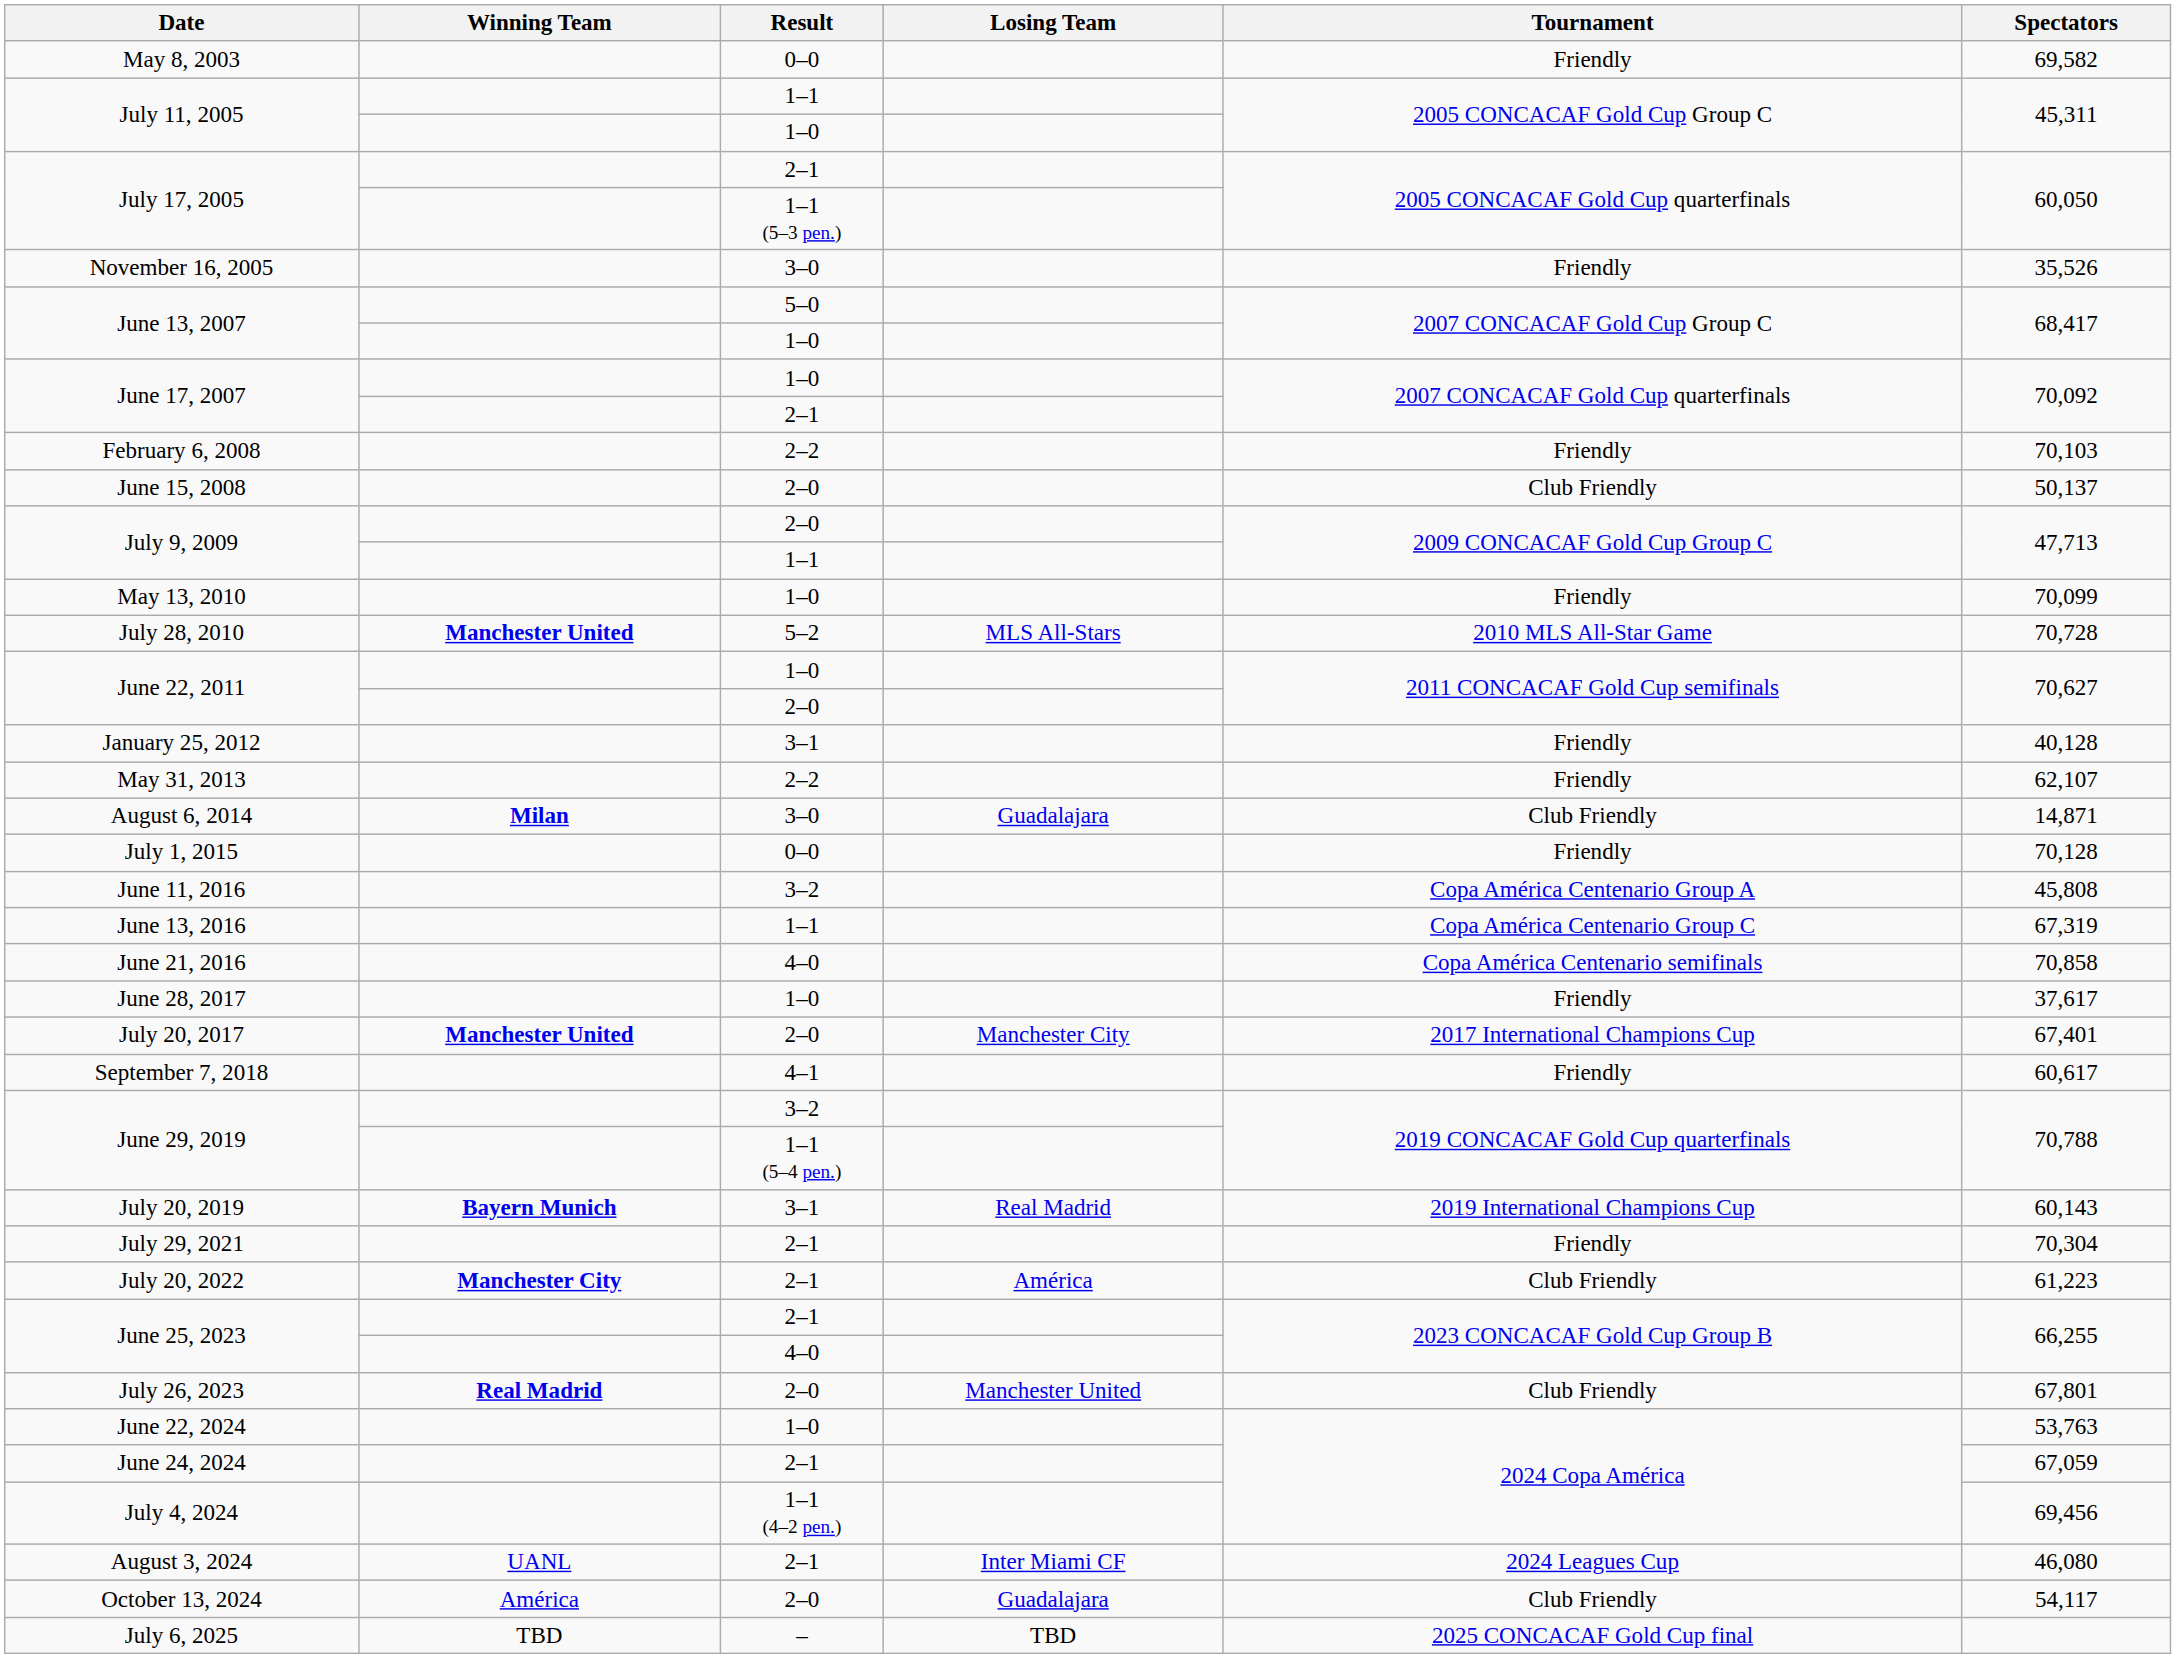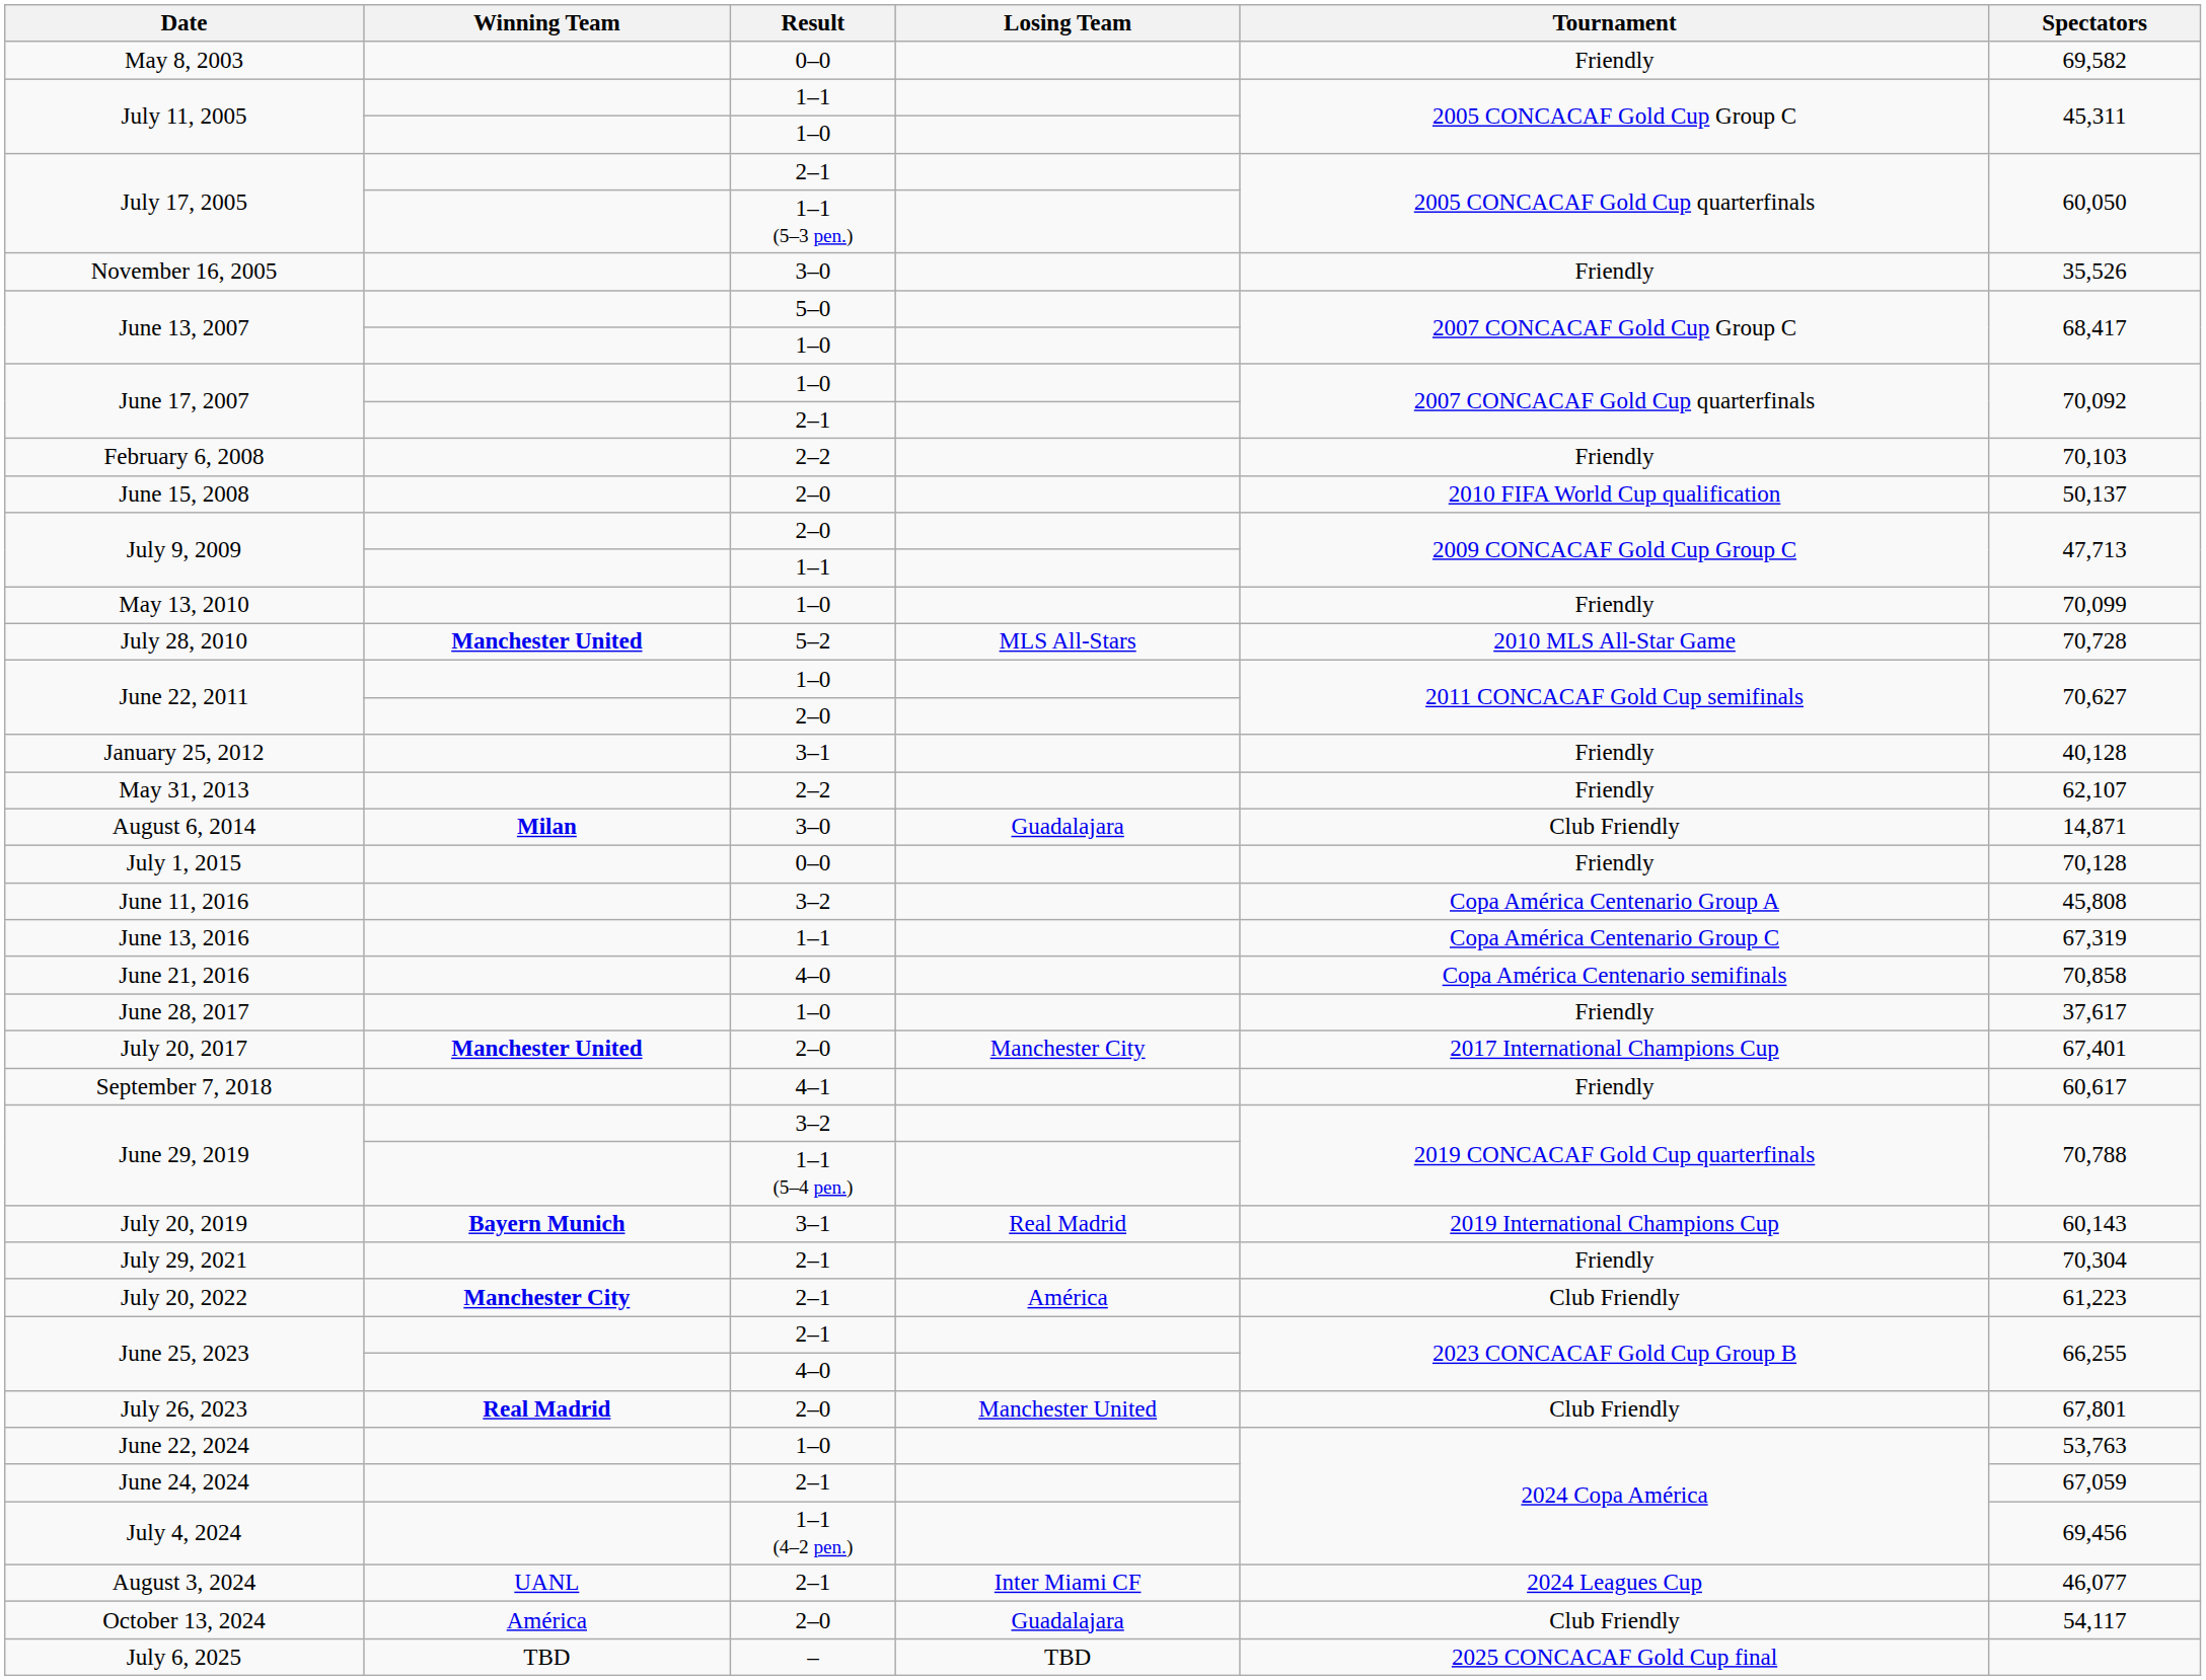 <table class="wikitable sortable"  style="text-align:left; width:95%; text-align:center;">
 <tr>
 <th style="text-align:center; ">Date</th>
 <th style="text-align:center; ">Winning Team</th>
 <th style="text-align:center; ">Result</th>
 <th style="text-align:center; ">Losing Team</th>
 <th style="text-align:center; ">Tournament</th>
 <th style="text-align:center; ">Spectators</th>
 </tr>
 <tr>
 <td style="text-align:center;">May 8, 2003</td>
 <td></td>
 <td>0–0</td>
 <td></td>
 <td>Friendly</td>
 <td>69,582</td>
 </tr>
 <tr>
 <td style="text-align:center;" rowspan=2>July 11, 2005</td>
 <td></td>
 <td>1–1</td>
 <td></td>
 <td rowspan=2><a href='#'>2005 CONCACAF Gold Cup</a> Group C</td>
 <td rowspan=2>45,311</td>
 </tr>
 <tr>
 <td><strong></strong></td>
 <td>1–0</td>
 <td></td>
 </tr>
 <tr>
 <td style="text-align:center;" rowspan=2>July 17, 2005</td>
 <td><strong></strong></td>
 <td>2–1</td>
 <td></td>
 <td rowspan=2><a href='#'>2005 CONCACAF Gold Cup</a> quarterfinals</td>
 <td rowspan=2>60,050</td>
 </tr>
 <tr>
 <td><strong></strong></td>
 <td style="text-align:center;">1–1<br> <small>(5–3 <a href='#'>pen.</a>)</small></td>
 <td></td>
 </tr>
 <tr>
 <td style="text-align:center;">November 16, 2005</td>
 <td><strong></strong></td>
 <td>3–0</td>
 <td></td>
 <td>Friendly</td>
 <td>35,526</td>
 </tr>
 <tr>
 <td style="text-align:center;" rowspan=2>June 13, 2007</td>
 <td><strong></strong></td>
 <td>5–0</td>
 <td></td>
 <td rowspan=2><a href='#'>2007 CONCACAF Gold Cup</a> Group C</td>
 <td rowspan=2>68,417</td>
 </tr>
 <tr>
 <td><strong></strong></td>
 <td>1–0</td>
 <td></td>
 </tr>
 <tr>
 <td style="text-align:center;" rowspan=2>June 17, 2007</td>
 <td><strong></strong></td>
 <td>1–0<br></td>
 <td></td>
 <td rowspan=2><a href='#'>2007 CONCACAF Gold Cup</a> quarterfinals</td>
 <td rowspan=2>70,092</td>
 </tr>
 <tr>
 <td><strong></strong></td>
 <td>2–1</td>
 <td></td>
 </tr>
 <tr>
 <td style="text-align:center;">February 6, 2008</td>
 <td></td>
 <td>2–2</td>
 <td></td>
 <td>Friendly</td>
 <td>70,103</td>
 </tr>
 <tr>
 <td style="text-align:center;">June 15, 2008</td>
 <td><strong></strong></td>
 <td>2–0</td>
 <td></td>
-<td style="text-align:center;">Club Friendly</td>
+<td><a href='#'>2010 FIFA World Cup qualification</a></td>
 <td>50,137</td>
 </tr>
 <tr>
 <td style="text-align:center;" rowspan=2>July 9, 2009</td>
 <td><strong></strong></td>
 <td>2–0</td>
 <td></td>
 <td rowspan=2><a href='#'>2009 CONCACAF Gold Cup Group C</a></td>
 <td rowspan=2>47,713</td>
 </tr>
 <tr>
 <td></td>
 <td>1–1</td>
 <td></td>
 </tr>
 <tr>
 <td style="text-align:center;">May 13, 2010</td>
 <td><strong></strong></td>
 <td>1–0</td>
 <td></td>
 <td>Friendly</td>
 <td>70,099</td>
 </tr>
 <tr>
 <td style="text-align:center;">July 28, 2010</td>
 <td><strong> <a href='#'>Manchester United</a></strong></td>
 <td>5–2</td>
 <td> <a href='#'>MLS All-Stars</a></td>
 <td><a href='#'>2010 MLS All-Star Game</a></td>
 <td>70,728</td>
 </tr>
 <tr>
 <td style="text-align:center;" rowspan=2>June 22, 2011</td>
 <td><strong></strong></td>
 <td>1–0</td>
 <td></td>
 <td rowspan=2><a href='#'>2011 CONCACAF Gold Cup semifinals</a></td>
 <td rowspan=2>70,627</td>
 </tr>
 <tr>
 <td><strong></strong></td>
 <td>2–0<br></td>
 <td></td>
 </tr>
 <tr>
 <td style="text-align:center;">January 25, 2012</td>
 <td><strong></strong></td>
 <td>3–1</td>
 <td></td>
 <td>Friendly</td>
 <td>40,128</td>
 </tr>
 <tr>
 <td style="text-align:center;">May 31, 2013</td>
 <td></td>
 <td>2–2</td>
 <td></td>
 <td>Friendly</td>
 <td>62,107</td>
 </tr>
 <tr>
 <td>August 6, 2014</td>
 <td><strong> <a href='#'>Milan</a></strong></td>
 <td>3–0</td>
 <td> <a href='#'>Guadalajara</a></td>
 <td>Club Friendly</td>
 <td>14,871</td>
 </tr>
 <tr>
 <td style="text-align:center;">July 1, 2015</td>
 <td></td>
 <td>0–0</td>
 <td></td>
 <td>Friendly</td>
 <td>70,128</td>
 </tr>
 <tr>
 <td style="text-align:center;">June 11, 2016</td>
 <td><strong></strong></td>
 <td>3–2</td>
 <td></td>
 <td><a href='#'>Copa América Centenario Group A</a></td>
 <td>45,808</td>
 </tr>
 <tr>
 <td style="text-align:center;">June 13, 2016</td>
 <td></td>
 <td>1–1</td>
 <td></td>
 <td><a href='#'>Copa América Centenario Group C</a></td>
 <td>67,319</td>
 </tr>
 <tr>
 <td style="text-align:center;">June 21, 2016</td>
 <td><strong></strong></td>
 <td>4–0</td>
 <td></td>
 <td><a href='#'>Copa América Centenario semifinals</a></td>
 <td>70,858</td>
 </tr>
 <tr>
 <td style="text-align:center;">June 28, 2017</td>
 <td><strong></strong></td>
 <td>1–0</td>
 <td></td>
 <td>Friendly</td>
 <td>37,617</td>
 </tr>
 <tr>
 <td style="text-align:center;">July 20, 2017</td>
 <td><strong> <a href='#'>Manchester United</a></strong></td>
 <td style="text-align:center;">2–0</td>
 <td> <a href='#'>Manchester City</a></td>
 <td style="text-align:center;"><a href='#'>2017 International Champions Cup</a></td>
 <td>67,401</td>
 </tr>
 <tr>
 <td style="text-align:center;">September 7, 2018</td>
 <td><strong></strong></td>
 <td>4–1</td>
 <td></td>
 <td>Friendly</td>
 <td>60,617</td>
 </tr>
 <tr>
 <td style="text-align:center;" rowspan=2>June 29, 2019</td>
 <td><strong></strong></td>
 <td>3–2</td>
 <td></td>
 <td rowspan=2><a href='#'>2019 CONCACAF Gold Cup quarterfinals</a></td>
 <td rowspan=2>70,788</td>
 </tr>
 <tr>
 <td><strong></strong></td>
 <td style="text-align:center;">1–1<br> <small>(5–4 <a href='#'>pen.</a>)</small></td>
 <td></td>
 </tr>
 <tr>
 <td style="text-align:center;">July 20, 2019</td>
 <td><strong> <a href='#'>Bayern Munich</a></strong></td>
 <td style="text-align:center;">3–1</td>
 <td> <a href='#'>Real Madrid</a></td>
 <td style="text-align:center;"><a href='#'>2019 International Champions Cup</a></td>
 <td>60,143</td>
 </tr>
 <tr>
 <td style="text-align:center;">July 29, 2021</td>
 <td><strong></strong></td>
 <td>2–1</td>
 <td></td>
 <td>Friendly</td>
 <td>70,304</td>
 </tr>
 <tr>
 <td style="text-align:center;">July 20, 2022</td>
 <td><strong> <a href='#'>Manchester City</a></strong></td>
 <td style="text-align:center;">2–1</td>
 <td> <a href='#'>América</a></td>
 <td style="text-align:center;">Club Friendly</td>
 <td>61,223</td>
 </tr>
 <tr>
 <td style="text-align:center;" rowspan=2>June 25, 2023</td>
 <td><strong></strong></td>
 <td>2–1</td>
 <td></td>
 <td rowspan=2><a href='#'>2023 CONCACAF Gold Cup Group B</a></td>
 <td rowspan=2>66,255</td>
 </tr>
 <tr>
 <td><strong></strong></td>
 <td style="text-align:center;">4–0</td>
 <td></td>
 </tr>
 <tr>
 <td>July 26, 2023</td>
 <td> <strong><a href='#'>Real Madrid</a></strong></td>
 <td>2–0</td>
 <td> <a href='#'>Manchester United</a></td>
 <td>Club Friendly</td>
 <td>67,801</td>
 </tr>
 <tr>
 <td>June 22, 2024</td>
 <td><strong></strong></td>
 <td>1–0</td>
 <td></td>
 <td rowspan=3><a href='#'>2024 Copa América</a></td>
 <td>53,763</td>
 </tr>
 <tr>
 <td>June 24, 2024</td>
 <td><strong></strong></td>
 <td>2–1</td>
 <td></td>
 <td>67,059</td>
 </tr>
 <tr>
 <td>July 4, 2024</td>
 <td><strong></strong></td>
 <td>1–1<br> <small>(4–2 <a href='#'>pen.</a>)</small></td>
 <td></td>
 <td>69,456</td>
 </tr>
 <tr>
 <td style="text-align:center;">August 3, 2024</td>
 <td> <a href='#'>UANL</a></td>
 <td style="text-align:center;">2–1</td>
 <td> <a href='#'>Inter Miami CF</a></td>
 <td style="text-align:center;"><a href='#'>2024 Leagues Cup</a></td>
-<td>46,080</td>
+<td>46,077</td>
 </tr>
 <tr>
 <td style="text-align:center;">October 13, 2024</td>
 <td> <a href='#'>América</a></td>
 <td style="text-align:center;">2–0</td>
 <td> <a href='#'>Guadalajara</a></td>
 <td style="text-align:center;">Club Friendly</td>
 <td>54,117</td>
 </tr>
 <tr>
 <td style="text-align:center;">July 6, 2025</td>
 <td>TBD</td>
 <td style="text-align:center;">–</td>
 <td>TBD</td>
 <td style="text-align:center;"><a href='#'>2025 CONCACAF Gold Cup final</a></td>
 <td></td>
 </tr>
 <tr>
 </tr>
 </table>
